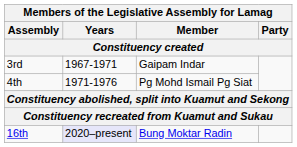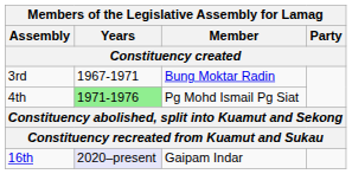 <table class=wikitable>
 <tr>
 <th colspan="4">Members of the Legislative Assembly for Lamag</th>
 </tr>
 <tr>
 <th>Assembly</th>
 <th>Years</th>
 <th>Member</th>
 <th>Party</th>
 </tr>
 <tr>
 <th colspan="4"><em>Constituency created</em></th>
 </tr>
 <tr>
 <td>3rd</td>
 <td>1967-1971</td>
-<td>Gaipam Indar</td>
+<td><a href='#'>Bung Moktar Radin</a></td>
 <td rowspan="2"></td>
 </tr>
 <tr>
 <td>4th</td>
-<td>1971-1976</td>
+<td style="background: lightgreen;">1971-1976</td>
 <td>Pg Mohd Ismail Pg Siat</td>
 </tr>
 <tr>
 <th colspan="4"><em>Constituency abolished, split into Kuamut and Sekong</em></th>
 </tr>
 <tr>
 <th colspan="4" align="center"><em>Constituency recreated from Kuamut and Sukau</em></th>
 </tr>
 <tr>
 <td><a href='#'>16th</a></td>
 <td style="background: lavender;">2020–present</td>
-<td><a href='#'>Bung Moktar Radin</a></td>
+<td>Gaipam Indar</td>
 <td></td>
 </tr>
 </table>
